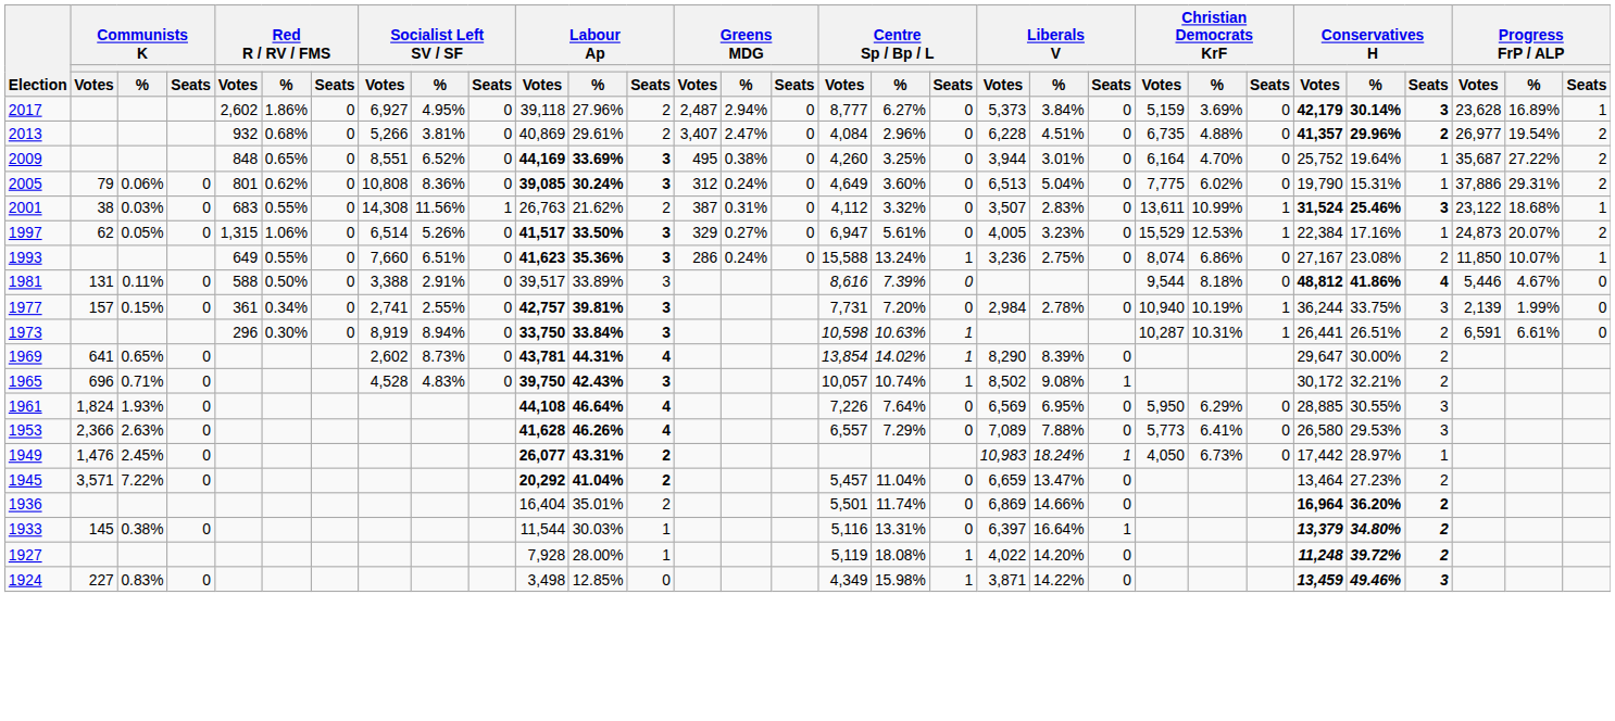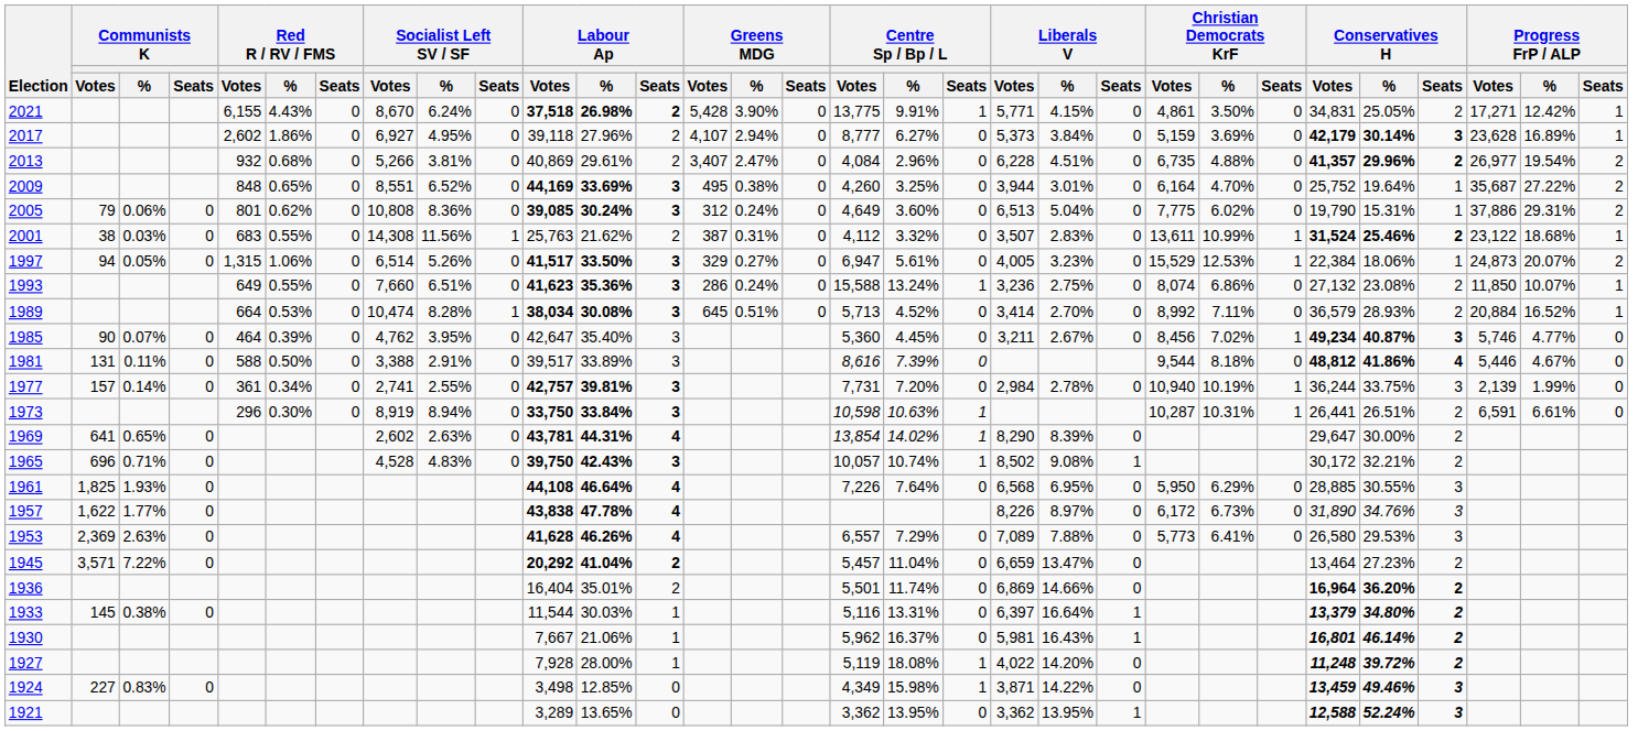 <table class="wikitable" border="1" style="font-size:80%; text-align:right;">
 <tr>
 <th style="text-align:left;" valign=bottom rowspan=3>Election</th>
 <th valign=bottom colspan=3><a href='#'>Communists</a><br>K</th>
 <th valign=bottom colspan=3><a href='#'>Red</a><br>R / RV / FMS</th>
 <th valign=bottom colspan=3><a href='#'>Socialist Left</a><br>SV / SF</th>
 <th valign=bottom colspan=3><a href='#'>Labour</a><br>Ap</th>
 <th valign=bottom colspan=3><a href='#'>Greens</a><br>MDG</th>
 <th valign=bottom colspan=3><a href='#'>Centre</a><br>Sp / Bp / L</th>
 <th valign=bottom colspan=3><a href='#'>Liberals</a><br>V</th>
 <th valign=bottom colspan=3><a href='#'>Christian<br>Democrats</a><br>KrF</th>
 <th valign=bottom colspan=3><a href='#'>Conservatives</a><br>H</th>
 <th valign=bottom colspan=3><a href='#'>Progress</a><br>FrP / ALP</th>
 </tr>
 <tr>
 <th colspan=3 style="background:"></th>
 <th colspan=3 style="background:"></th>
 <th colspan=3 style="background:"></th>
 <th colspan=3 style="background:"></th>
 <th colspan=3 style="background:"></th>
 <th colspan=3 style="background:"></th>
 <th colspan=3 style="background:"></th>
 <th colspan=3 style="background:"></th>
 <th colspan=3 style="background:"></th>
 <th colspan=3 style="background:"></th>
 </tr>
 <tr>
 <th>Votes</th>
 <th>%</th>
 <th>Seats</th>
 <th>Votes</th>
 <th>%</th>
 <th>Seats</th>
 <th>Votes</th>
 <th>%</th>
 <th>Seats</th>
 <th>Votes</th>
 <th>%</th>
 <th>Seats</th>
 <th>Votes</th>
 <th>%</th>
 <th>Seats</th>
 <th>Votes</th>
 <th>%</th>
 <th>Seats</th>
 <th>Votes</th>
 <th>%</th>
 <th>Seats</th>
 <th>Votes</th>
 <th>%</th>
 <th>Seats</th>
 <th>Votes</th>
 <th>%</th>
 <th>Seats</th>
 <th>Votes</th>
 <th>%</th>
 <th>Seats</th>
 </tr>
 <tr>
+<td align=left><a href='#'>2021</a></td>
+<td></td>
+<td></td>
+<td></td>
+<td>6,155</td>
+<td>4.43%</td>
+<td>0</td>
+<td>8,670</td>
+<td>6.24%</td>
+<td>0</td>
+<td><strong>37,518</strong></td>
+<td><strong>26.98%</strong></td>
+<td><strong>2</strong></td>
+<td>5,428</td>
+<td>3.90%</td>
+<td>0</td>
+<td>13,775</td>
+<td>9.91%</td>
+<td>1</td>
+<td>5,771</td>
+<td>4.15%</td>
+<td>0</td>
+<td>4,861</td>
+<td>3.50%</td>
+<td>0</td>
+<td>34,831</td>
+<td>25.05%</td>
+<td>2</td>
+<td>17,271</td>
+<td>12.42%</td>
+<td>1</td>
+</tr>
+<tr>
 <td align=left><a href='#'>2017</a></td>
 <td></td>
 <td></td>
 <td></td>
 <td>2,602</td>
 <td>1.86%</td>
 <td>0</td>
 <td>6,927</td>
 <td>4.95%</td>
 <td>0</td>
 <td>39,118</td>
 <td>27.96%</td>
 <td>2</td>
-<td>2,487</td>
+<td>4,107</td>
 <td>2.94%</td>
 <td>0</td>
 <td>8,777</td>
 <td>6.27%</td>
 <td>0</td>
 <td>5,373</td>
 <td>3.84%</td>
 <td>0</td>
 <td>5,159</td>
 <td>3.69%</td>
 <td>0</td>
 <td><strong>42,179</strong></td>
 <td><strong>30.14%</strong></td>
 <td><strong>3</strong></td>
 <td>23,628</td>
 <td>16.89%</td>
 <td>1</td>
 </tr>
 <tr>
 <td align=left><a href='#'>2013</a></td>
 <td></td>
 <td></td>
 <td></td>
 <td>932</td>
 <td>0.68%</td>
 <td>0</td>
 <td>5,266</td>
 <td>3.81%</td>
 <td>0</td>
 <td>40,869</td>
 <td>29.61%</td>
 <td>2</td>
 <td>3,407</td>
 <td>2.47%</td>
 <td>0</td>
 <td>4,084</td>
 <td>2.96%</td>
 <td>0</td>
 <td>6,228</td>
 <td>4.51%</td>
 <td>0</td>
 <td>6,735</td>
 <td>4.88%</td>
 <td>0</td>
 <td><strong>41,357</strong></td>
 <td><strong>29.96%</strong></td>
 <td><strong>2</strong></td>
 <td>26,977</td>
 <td>19.54%</td>
 <td>2</td>
 </tr>
 <tr>
 <td align=left><a href='#'>2009</a></td>
 <td></td>
 <td></td>
 <td></td>
 <td>848</td>
 <td>0.65%</td>
 <td>0</td>
 <td>8,551</td>
 <td>6.52%</td>
 <td>0</td>
 <td><strong>44,169</strong></td>
 <td><strong>33.69%</strong></td>
 <td><strong>3</strong></td>
 <td>495</td>
 <td>0.38%</td>
 <td>0</td>
 <td>4,260</td>
 <td>3.25%</td>
 <td>0</td>
 <td>3,944</td>
 <td>3.01%</td>
 <td>0</td>
 <td>6,164</td>
 <td>4.70%</td>
 <td>0</td>
 <td>25,752</td>
 <td>19.64%</td>
 <td>1</td>
 <td>35,687</td>
 <td>27.22%</td>
 <td>2</td>
 </tr>
 <tr>
 <td align=left><a href='#'>2005</a></td>
 <td>79</td>
 <td>0.06%</td>
 <td>0</td>
 <td>801</td>
 <td>0.62%</td>
 <td>0</td>
 <td>10,808</td>
 <td>8.36%</td>
 <td>0</td>
 <td><strong>39,085</strong></td>
 <td><strong>30.24%</strong></td>
 <td><strong>3</strong></td>
 <td>312</td>
 <td>0.24%</td>
 <td>0</td>
 <td>4,649</td>
 <td>3.60%</td>
 <td>0</td>
 <td>6,513</td>
 <td>5.04%</td>
 <td>0</td>
 <td>7,775</td>
 <td>6.02%</td>
 <td>0</td>
 <td>19,790</td>
 <td>15.31%</td>
 <td>1</td>
 <td>37,886</td>
 <td>29.31%</td>
 <td>2</td>
 </tr>
 <tr>
 <td align=left><a href='#'>2001</a></td>
 <td>38</td>
 <td>0.03%</td>
 <td>0</td>
 <td>683</td>
 <td>0.55%</td>
 <td>0</td>
 <td>14,308</td>
 <td>11.56%</td>
 <td>1</td>
-<td>26,763</td>
+<td>25,763</td>
 <td>21.62%</td>
 <td>2</td>
 <td>387</td>
 <td>0.31%</td>
 <td>0</td>
 <td>4,112</td>
 <td>3.32%</td>
 <td>0</td>
 <td>3,507</td>
 <td>2.83%</td>
 <td>0</td>
 <td>13,611</td>
 <td>10.99%</td>
 <td>1</td>
 <td><strong>31,524</strong></td>
 <td><strong>25.46%</strong></td>
-<td><strong>3</strong></td>
+<td><strong>2</strong></td>
 <td>23,122</td>
 <td>18.68%</td>
 <td>1</td>
 </tr>
 <tr>
 <td align=left><a href='#'>1997</a></td>
-<td>62</td>
+<td>94</td>
 <td>0.05%</td>
 <td>0</td>
 <td>1,315</td>
 <td>1.06%</td>
 <td>0</td>
 <td>6,514</td>
 <td>5.26%</td>
 <td>0</td>
 <td><strong>41,517</strong></td>
 <td><strong>33.50%</strong></td>
 <td><strong>3</strong></td>
 <td>329</td>
 <td>0.27%</td>
 <td>0</td>
 <td>6,947</td>
 <td>5.61%</td>
 <td>0</td>
 <td>4,005</td>
 <td>3.23%</td>
 <td>0</td>
 <td>15,529</td>
 <td>12.53%</td>
 <td>1</td>
 <td>22,384</td>
-<td>17.16%</td>
+<td>18.06%</td>
 <td>1</td>
 <td>24,873</td>
 <td>20.07%</td>
 <td>2</td>
 </tr>
 <tr>
 <td align=left><a href='#'>1993</a></td>
 <td></td>
 <td></td>
 <td></td>
 <td>649</td>
 <td>0.55%</td>
 <td>0</td>
 <td>7,660</td>
 <td>6.51%</td>
 <td>0</td>
 <td><strong>41,623</strong></td>
 <td><strong>35.36%</strong></td>
 <td><strong>3</strong></td>
 <td>286</td>
 <td>0.24%</td>
 <td>0</td>
 <td>15,588</td>
 <td>13.24%</td>
 <td>1</td>
 <td>3,236</td>
 <td>2.75%</td>
 <td>0</td>
 <td>8,074</td>
 <td>6.86%</td>
 <td>0</td>
-<td>27,167</td>
+<td>27,132</td>
 <td>23.08%</td>
 <td>2</td>
 <td>11,850</td>
 <td>10.07%</td>
 <td>1</td>
+</tr>
+<tr>
+<td align=left><a href='#'>1989</a></td>
+<td></td>
+<td></td>
+<td></td>
+<td>664</td>
+<td>0.53%</td>
+<td>0</td>
+<td>10,474</td>
+<td>8.28%</td>
+<td>1</td>
+<td><strong>38,034</strong></td>
+<td><strong>30.08%</strong></td>
+<td><strong>3</strong></td>
+<td>645</td>
+<td>0.51%</td>
+<td>0</td>
+<td>5,713</td>
+<td>4.52%</td>
+<td>0</td>
+<td>3,414</td>
+<td>2.70%</td>
+<td>0</td>
+<td>8,992</td>
+<td>7.11%</td>
+<td>0</td>
+<td>36,579</td>
+<td>28.93%</td>
+<td>2</td>
+<td>20,884</td>
+<td>16.52%</td>
+<td>1</td>
+</tr>
+<tr>
+<td align=left><a href='#'>1985</a></td>
+<td>90</td>
+<td>0.07%</td>
+<td>0</td>
+<td>464</td>
+<td>0.39%</td>
+<td>0</td>
+<td>4,762</td>
+<td>3.95%</td>
+<td>0</td>
+<td>42,647</td>
+<td>35.40%</td>
+<td>3</td>
+<td></td>
+<td></td>
+<td></td>
+<td>5,360</td>
+<td>4.45%</td>
+<td>0</td>
+<td>3,211</td>
+<td>2.67%</td>
+<td>0</td>
+<td>8,456</td>
+<td>7.02%</td>
+<td>1</td>
+<td><strong>49,234</strong></td>
+<td><strong>40.87%</strong></td>
+<td><strong>3</strong></td>
+<td>5,746</td>
+<td>4.77%</td>
+<td>0</td>
 </tr>
 <tr>
 <td align=left><a href='#'>1981</a></td>
 <td>131</td>
 <td>0.11%</td>
 <td>0</td>
 <td>588</td>
 <td>0.50%</td>
 <td>0</td>
 <td>3,388</td>
 <td>2.91%</td>
 <td>0</td>
 <td>39,517</td>
 <td>33.89%</td>
 <td>3</td>
 <td></td>
 <td></td>
 <td></td>
 <td><em>8,616</em></td>
 <td><em>7.39%</em></td>
 <td><em>0</em></td>
 <td></td>
 <td></td>
 <td></td>
 <td>9,544</td>
 <td>8.18%</td>
 <td>0</td>
 <td><strong>48,812</strong></td>
 <td><strong>41.86%</strong></td>
 <td><strong>4</strong></td>
 <td>5,446</td>
 <td>4.67%</td>
 <td>0</td>
 </tr>
 <tr>
 <td align=left><a href='#'>1977</a></td>
 <td>157</td>
-<td>0.15%</td>
+<td>0.14%</td>
 <td>0</td>
 <td>361</td>
 <td>0.34%</td>
 <td>0</td>
 <td>2,741</td>
 <td>2.55%</td>
 <td>0</td>
 <td><strong>42,757</strong></td>
 <td><strong>39.81%</strong></td>
 <td><strong>3</strong></td>
 <td></td>
 <td></td>
 <td></td>
 <td>7,731</td>
 <td>7.20%</td>
 <td>0</td>
 <td>2,984</td>
 <td>2.78%</td>
 <td>0</td>
 <td>10,940</td>
 <td>10.19%</td>
 <td>1</td>
 <td>36,244</td>
 <td>33.75%</td>
 <td>3</td>
 <td>2,139</td>
 <td>1.99%</td>
 <td>0</td>
 </tr>
 <tr>
 <td align=left><a href='#'>1973</a></td>
 <td></td>
 <td></td>
 <td></td>
 <td>296</td>
 <td>0.30%</td>
 <td>0</td>
 <td>8,919</td>
 <td>8.94%</td>
 <td>0</td>
 <td><strong>33,750</strong></td>
 <td><strong>33.84%</strong></td>
 <td><strong>3</strong></td>
 <td></td>
 <td></td>
 <td></td>
 <td><em>10,598</em></td>
 <td><em>10.63%</em></td>
 <td><em>1</em></td>
 <td></td>
 <td></td>
 <td></td>
 <td>10,287</td>
 <td>10.31%</td>
 <td>1</td>
 <td>26,441</td>
 <td>26.51%</td>
 <td>2</td>
 <td>6,591</td>
 <td>6.61%</td>
 <td>0</td>
 </tr>
 <tr>
 <td align=left><a href='#'>1969</a></td>
 <td>641</td>
 <td>0.65%</td>
 <td>0</td>
 <td></td>
 <td></td>
 <td></td>
 <td>2,602</td>
-<td>8.73%</td>
+<td>2.63%</td>
 <td>0</td>
 <td><strong>43,781</strong></td>
 <td><strong>44.31%</strong></td>
 <td><strong>4</strong></td>
 <td></td>
 <td></td>
 <td></td>
 <td><em>13,854</em></td>
 <td><em>14.02%</em></td>
 <td><em>1</em></td>
 <td>8,290</td>
 <td>8.39%</td>
 <td>0</td>
 <td></td>
 <td></td>
 <td></td>
 <td>29,647</td>
 <td>30.00%</td>
 <td>2</td>
 <td></td>
 <td></td>
 <td></td>
 </tr>
 <tr>
 <td align=left><a href='#'>1965</a></td>
 <td>696</td>
 <td>0.71%</td>
 <td>0</td>
 <td></td>
 <td></td>
 <td></td>
 <td>4,528</td>
 <td>4.83%</td>
 <td>0</td>
 <td><strong>39,750</strong></td>
 <td><strong>42.43%</strong></td>
 <td><strong>3</strong></td>
 <td></td>
 <td></td>
 <td></td>
 <td>10,057</td>
 <td>10.74%</td>
 <td>1</td>
 <td>8,502</td>
 <td>9.08%</td>
 <td>1</td>
 <td></td>
 <td></td>
 <td></td>
 <td>30,172</td>
 <td>32.21%</td>
 <td>2</td>
 <td></td>
 <td></td>
 <td></td>
 </tr>
 <tr>
 <td align=left><a href='#'>1961</a></td>
-<td>1,824</td>
+<td>1,825</td>
 <td>1.93%</td>
 <td>0</td>
 <td></td>
 <td></td>
 <td></td>
 <td></td>
 <td></td>
 <td></td>
 <td><strong>44,108</strong></td>
 <td><strong>46.64%</strong></td>
 <td><strong>4</strong></td>
 <td></td>
 <td></td>
 <td></td>
 <td>7,226</td>
 <td>7.64%</td>
 <td>0</td>
-<td>6,569</td>
+<td>6,568</td>
 <td>6.95%</td>
 <td>0</td>
 <td>5,950</td>
 <td>6.29%</td>
 <td>0</td>
 <td>28,885</td>
 <td>30.55%</td>
 <td>3</td>
 <td></td>
 <td></td>
 <td></td>
 </tr>
 <tr>
+<td align=left><a href='#'>1957</a></td>
+<td>1,622</td>
+<td>1.77%</td>
+<td>0</td>
+<td></td>
+<td></td>
+<td></td>
+<td></td>
+<td></td>
+<td></td>
+<td><strong>43,838</strong></td>
+<td><strong>47.78%</strong></td>
+<td><strong>4</strong></td>
+<td></td>
+<td></td>
+<td></td>
+<td></td>
+<td></td>
+<td></td>
+<td>8,226</td>
+<td>8.97%</td>
+<td>0</td>
+<td>6,172</td>
+<td>6.73%</td>
+<td>0</td>
+<td><em>31,890</em></td>
+<td><em>34.76%</em></td>
+<td><em>3</em></td>
+<td></td>
+<td></td>
+<td></td>
+</tr>
+<tr>
 <td align=left><a href='#'>1953</a></td>
-<td>2,366</td>
+<td>2,369</td>
 <td>2.63%</td>
 <td>0</td>
 <td></td>
 <td></td>
 <td></td>
 <td></td>
 <td></td>
 <td></td>
 <td><strong>41,628</strong></td>
 <td><strong>46.26%</strong></td>
 <td><strong>4</strong></td>
 <td></td>
 <td></td>
 <td></td>
 <td>6,557</td>
 <td>7.29%</td>
 <td>0</td>
 <td>7,089</td>
 <td>7.88%</td>
 <td>0</td>
 <td>5,773</td>
 <td>6.41%</td>
 <td>0</td>
 <td>26,580</td>
 <td>29.53%</td>
 <td>3</td>
-<td></td>
-<td></td>
-<td></td>
-</tr>
-<tr>
-<td align=left><a href='#'>1949</a></td>
-<td>1,476</td>
-<td>2.45%</td>
-<td>0</td>
-<td></td>
-<td></td>
-<td></td>
-<td></td>
-<td></td>
-<td></td>
-<td><strong>26,077</strong></td>
-<td><strong>43.31%</strong></td>
-<td><strong>2</strong></td>
-<td></td>
-<td></td>
-<td></td>
-<td></td>
-<td></td>
-<td></td>
-<td><em>10,983</em></td>
-<td><em>18.24%</em></td>
-<td><em>1</em></td>
-<td>4,050</td>
-<td>6.73%</td>
-<td>0</td>
-<td>17,442</td>
-<td>28.97%</td>
-<td>1</td>
 <td></td>
 <td></td>
 <td></td>
 </tr>
 <tr>
 <td align=left><a href='#'>1945</a></td>
 <td>3,571</td>
 <td>7.22%</td>
 <td>0</td>
 <td></td>
 <td></td>
 <td></td>
 <td></td>
 <td></td>
 <td></td>
 <td><strong>20,292</strong></td>
 <td><strong>41.04%</strong></td>
 <td><strong>2</strong></td>
 <td></td>
 <td></td>
 <td></td>
 <td>5,457</td>
 <td>11.04%</td>
 <td>0</td>
 <td>6,659</td>
 <td>13.47%</td>
 <td>0</td>
 <td></td>
 <td></td>
 <td></td>
 <td>13,464</td>
 <td>27.23%</td>
 <td>2</td>
 <td></td>
 <td></td>
 <td></td>
 </tr>
 <tr>
 <td align=left><a href='#'>1936</a></td>
 <td></td>
 <td></td>
 <td></td>
 <td></td>
 <td></td>
 <td></td>
 <td></td>
 <td></td>
 <td></td>
 <td>16,404</td>
 <td>35.01%</td>
 <td>2</td>
 <td></td>
 <td></td>
 <td></td>
 <td>5,501</td>
 <td>11.74%</td>
 <td>0</td>
 <td>6,869</td>
 <td>14.66%</td>
 <td>0</td>
 <td></td>
 <td></td>
 <td></td>
 <td><strong>16,964</strong></td>
 <td><strong>36.20%</strong></td>
 <td><strong>2</strong></td>
 <td></td>
 <td></td>
 <td></td>
 </tr>
 <tr>
 <td align=left><a href='#'>1933</a></td>
 <td>145</td>
 <td>0.38%</td>
 <td>0</td>
 <td></td>
 <td></td>
 <td></td>
 <td></td>
 <td></td>
 <td></td>
 <td>11,544</td>
 <td>30.03%</td>
 <td>1</td>
 <td></td>
 <td></td>
 <td></td>
 <td>5,116</td>
 <td>13.31%</td>
 <td>0</td>
 <td>6,397</td>
 <td>16.64%</td>
 <td>1</td>
 <td></td>
 <td></td>
 <td></td>
 <td><strong><em>13,379</em></strong></td>
 <td><strong><em>34.80%</em></strong></td>
 <td><strong><em>2</em></strong></td>
 <td></td>
 <td></td>
 <td></td>
 </tr>
 <tr>
+<td align=left><a href='#'>1930</a></td>
+<td></td>
+<td></td>
+<td></td>
+<td></td>
+<td></td>
+<td></td>
+<td></td>
+<td></td>
+<td></td>
+<td>7,667</td>
+<td>21.06%</td>
+<td>1</td>
+<td></td>
+<td></td>
+<td></td>
+<td>5,962</td>
+<td>16.37%</td>
+<td>0</td>
+<td>5,981</td>
+<td>16.43%</td>
+<td>1</td>
+<td></td>
+<td></td>
+<td></td>
+<td><strong><em>16,801</em></strong></td>
+<td><strong><em>46.14%</em></strong></td>
+<td><strong><em>2</em></strong></td>
+<td></td>
+<td></td>
+<td></td>
+</tr>
+<tr>
 <td align=left><a href='#'>1927</a></td>
 <td></td>
 <td></td>
 <td></td>
 <td></td>
 <td></td>
 <td></td>
 <td></td>
 <td></td>
 <td></td>
 <td>7,928</td>
 <td>28.00%</td>
 <td>1</td>
 <td></td>
 <td></td>
 <td></td>
 <td>5,119</td>
 <td>18.08%</td>
 <td>1</td>
 <td>4,022</td>
 <td>14.20%</td>
 <td>0</td>
 <td></td>
 <td></td>
 <td></td>
 <td><strong><em>11,248</em></strong></td>
 <td><strong><em>39.72%</em></strong></td>
 <td><strong><em>2</em></strong></td>
 <td></td>
 <td></td>
 <td></td>
 </tr>
 <tr>
 <td align=left><a href='#'>1924</a></td>
 <td>227</td>
 <td>0.83%</td>
 <td>0</td>
 <td></td>
 <td></td>
 <td></td>
 <td></td>
 <td></td>
 <td></td>
 <td>3,498</td>
 <td>12.85%</td>
 <td>0</td>
 <td></td>
 <td></td>
 <td></td>
 <td>4,349</td>
 <td>15.98%</td>
 <td>1</td>
 <td>3,871</td>
 <td>14.22%</td>
 <td>0</td>
 <td></td>
 <td></td>
 <td></td>
 <td><strong><em>13,459</em></strong></td>
 <td><strong><em>49.46%</em></strong></td>
 <td><strong><em>3</em></strong></td>
 <td></td>
 <td></td>
 <td></td>
 </tr>
+<tr>
+<td align=left><a href='#'>1921</a></td>
+<td></td>
+<td></td>
+<td></td>
+<td></td>
+<td></td>
+<td></td>
+<td></td>
+<td></td>
+<td></td>
+<td>3,289</td>
+<td>13.65%</td>
+<td>0</td>
+<td></td>
+<td></td>
+<td></td>
+<td>3,362</td>
+<td>13.95%</td>
+<td>0</td>
+<td>3,362</td>
+<td>13.95%</td>
+<td>1</td>
+<td></td>
+<td></td>
+<td></td>
+<td><strong><em>12,588</em></strong></td>
+<td><strong><em>52.24%</em></strong></td>
+<td><strong><em>3</em></strong></td>
+<td></td>
+<td></td>
+<td></td>
+</tr>
 </table>
